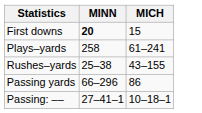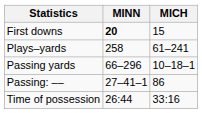 <table class="wikitable" style="float:left">
 <tr>
 <th>Statistics</th>
 <th>MINN</th>
 <th>MICH</th>
 </tr>
 <tr>
 <td>First downs</td>
 <td><strong>20</strong></td>
 <td>15</td>
 </tr>
 <tr>
 <td>Plays–yards</td>
 <td>258</td>
 <td>61–241</td>
 </tr>
 <tr>
-<td>Rushes–yards</td>
-<td>25–38</td>
-<td>43–155</td>
-</tr>
-<tr>
 <td>Passing yards</td>
 <td>66–296</td>
-<td>86</td>
+<td>10–18–1</td>
 </tr>
 <tr>
 <td>Passing: ––</td>
 <td>27–41–1</td>
-<td>10–18–1</td>
+<td>86</td>
+</tr>
+<tr>
+<td>Time of possession</td>
+<td>26:44</td>
+<td>33:16</td>
 </tr>
 </table>
